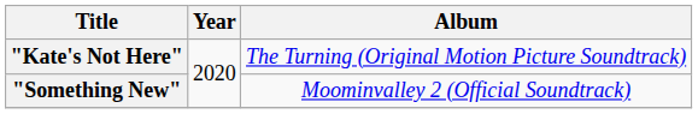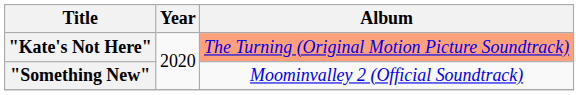 <table class="wikitable plainrowheaders" style="text-align:center;">
 <tr>
 <th scope="col">Title</th>
 <th scope="col">Year</th>
 <th scope="col">Album</th>
 </tr>
 <tr>
 <th scope="row">"Kate's Not Here"</th>
 <td rowspan="2">2020</td>
-<td><em><a href='#'>The Turning (Original Motion Picture Soundtrack)</a></em></td>
+<td style="background: lightsalmon;"><em><a href='#'>The Turning (Original Motion Picture Soundtrack)</a></em></td>
 </tr>
 <tr>
 <th scope="row">"Something New"</th>
 <td><em><a href='#'>Moominvalley 2 (Official Soundtrack)</a></em></td>
 </tr>
 <tr>
 </tr>
 </table>
